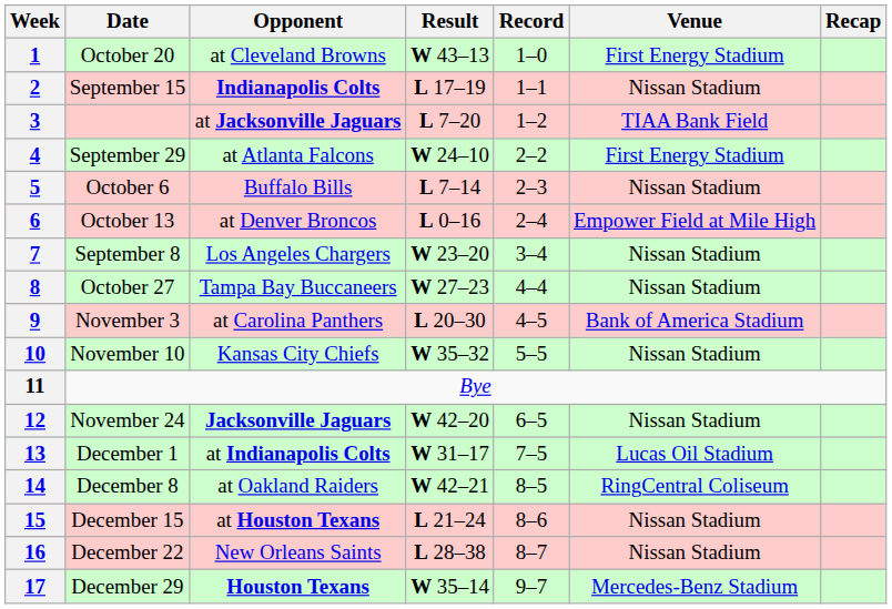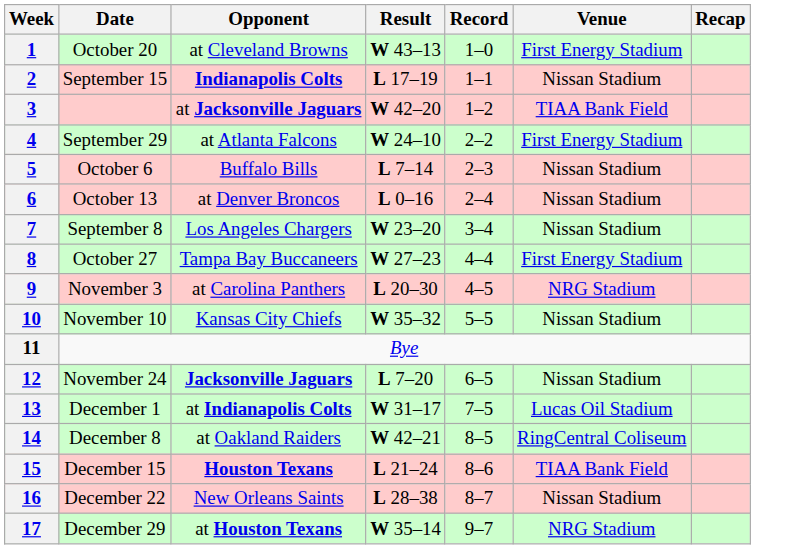 <table class="wikitable" style="text-align:center">
 <tr>
 <th>Week</th>
 <th>Date</th>
 <th>Opponent</th>
 <th>Result</th>
 <th>Record</th>
 <th>Venue</th>
 <th>Recap</th>
 </tr>
 <tr style="background:#cfc">
 <th><a href='#'>1</a></th>
 <td>October 20</td>
 <td>at <a href='#'>Cleveland Browns</a></td>
 <td><strong>W</strong> 43–13</td>
 <td>1–0</td>
 <td><a href='#'>First Energy Stadium</a></td>
 <td></td>
 </tr>
 <tr style="background:#fcc">
 <th><a href='#'>2</a></th>
 <td>September 15</td>
 <td><strong><a href='#'>Indianapolis Colts</a></strong></td>
 <td><strong>L</strong> 17–19</td>
 <td>1–1</td>
 <td>Nissan Stadium</td>
 <td></td>
 </tr>
 <tr style="background:#fcc">
 <th><a href='#'>3</a></th>
 <td></td>
 <td>at <strong><a href='#'>Jacksonville Jaguars</a></strong></td>
-<td><strong>L</strong> 7–20</td>
+<td><strong>W</strong> 42–20</td>
 <td>1–2</td>
 <td><a href='#'>TIAA Bank Field</a></td>
 <td></td>
 </tr>
 <tr style="background:#cfc">
 <th><a href='#'>4</a></th>
 <td>September 29</td>
 <td>at <a href='#'>Atlanta Falcons</a></td>
 <td><strong>W</strong> 24–10</td>
 <td>2–2</td>
 <td><a href='#'>First Energy Stadium</a></td>
 <td></td>
 </tr>
 <tr style="background:#fcc">
 <th><a href='#'>5</a></th>
 <td>October 6</td>
 <td><a href='#'>Buffalo Bills</a></td>
 <td><strong>L</strong> 7–14</td>
 <td>2–3</td>
 <td>Nissan Stadium</td>
 <td></td>
 </tr>
 <tr style="background:#fcc">
 <th><a href='#'>6</a></th>
 <td>October 13</td>
 <td>at <a href='#'>Denver Broncos</a></td>
 <td><strong>L</strong> 0–16</td>
 <td>2–4</td>
-<td><a href='#'>Empower Field at Mile High</a></td>
+<td>Nissan Stadium</td>
 <td></td>
 </tr>
 <tr style="background:#cfc">
 <th><a href='#'>7</a></th>
 <td>September 8</td>
 <td><a href='#'>Los Angeles Chargers</a></td>
 <td><strong>W</strong> 23–20</td>
 <td>3–4</td>
 <td>Nissan Stadium</td>
 <td></td>
 </tr>
 <tr style="background:#cfc">
 <th><a href='#'>8</a></th>
 <td>October 27</td>
 <td><a href='#'>Tampa Bay Buccaneers</a></td>
 <td><strong>W</strong> 27–23</td>
 <td>4–4</td>
-<td>Nissan Stadium</td>
+<td><a href='#'>First Energy Stadium</a></td>
 <td></td>
 </tr>
 <tr style="background:#fcc">
 <th><a href='#'>9</a></th>
 <td>November 3</td>
 <td>at <a href='#'>Carolina Panthers</a></td>
 <td><strong>L</strong> 20–30</td>
 <td>4–5</td>
-<td><a href='#'>Bank of America Stadium</a></td>
+<td><a href='#'>NRG Stadium</a></td>
 <td></td>
 </tr>
 <tr style="background:#cfc">
 <th><a href='#'>10</a></th>
 <td>November 10</td>
 <td><a href='#'>Kansas City Chiefs</a></td>
 <td><strong>W</strong> 35–32</td>
 <td>5–5</td>
 <td>Nissan Stadium</td>
 <td></td>
 </tr>
 <tr>
 <th>11</th>
 <td colspan="6"><em><a href='#'>Bye</a></em></td>
 </tr>
 <tr style="background:#cfc">
 <th><a href='#'>12</a></th>
 <td>November 24</td>
 <td><strong><a href='#'>Jacksonville Jaguars</a></strong></td>
-<td><strong>W</strong> 42–20</td>
+<td><strong>L</strong> 7–20</td>
 <td>6–5</td>
 <td>Nissan Stadium</td>
 <td></td>
 </tr>
 <tr style="background:#cfc">
 <th><a href='#'>13</a></th>
 <td>December 1</td>
 <td>at <strong><a href='#'>Indianapolis Colts</a></strong></td>
 <td><strong>W</strong> 31–17</td>
 <td>7–5</td>
 <td><a href='#'>Lucas Oil Stadium</a></td>
 <td></td>
 </tr>
 <tr style="background:#cfc">
 <th><a href='#'>14</a></th>
 <td>December 8</td>
 <td>at <a href='#'>Oakland Raiders</a></td>
 <td><strong>W</strong> 42–21</td>
 <td>8–5</td>
 <td><a href='#'>RingCentral Coliseum</a></td>
 <td></td>
 </tr>
 <tr style="background:#fcc">
 <th><a href='#'>15</a></th>
 <td>December 15</td>
-<td>at <strong><a href='#'>Houston Texans</a></strong></td>
+<td><strong><a href='#'>Houston Texans</a></strong></td>
 <td><strong>L</strong> 21–24</td>
 <td>8–6</td>
-<td>Nissan Stadium</td>
+<td><a href='#'>TIAA Bank Field</a></td>
 <td></td>
 </tr>
 <tr style="background:#fcc">
 <th><a href='#'>16</a></th>
 <td>December 22</td>
 <td><a href='#'>New Orleans Saints</a></td>
 <td><strong>L</strong> 28–38</td>
 <td>8–7</td>
 <td>Nissan Stadium</td>
 <td></td>
 </tr>
 <tr style="background:#cfc">
 <th><a href='#'>17</a></th>
 <td>December 29</td>
-<td><strong><a href='#'>Houston Texans</a></strong></td>
+<td>at <strong><a href='#'>Houston Texans</a></strong></td>
 <td><strong>W</strong> 35–14</td>
 <td>9–7</td>
-<td><a href='#'>Mercedes-Benz Stadium</a></td>
+<td><a href='#'>NRG Stadium</a></td>
 <td></td>
 </tr>
 </table>
